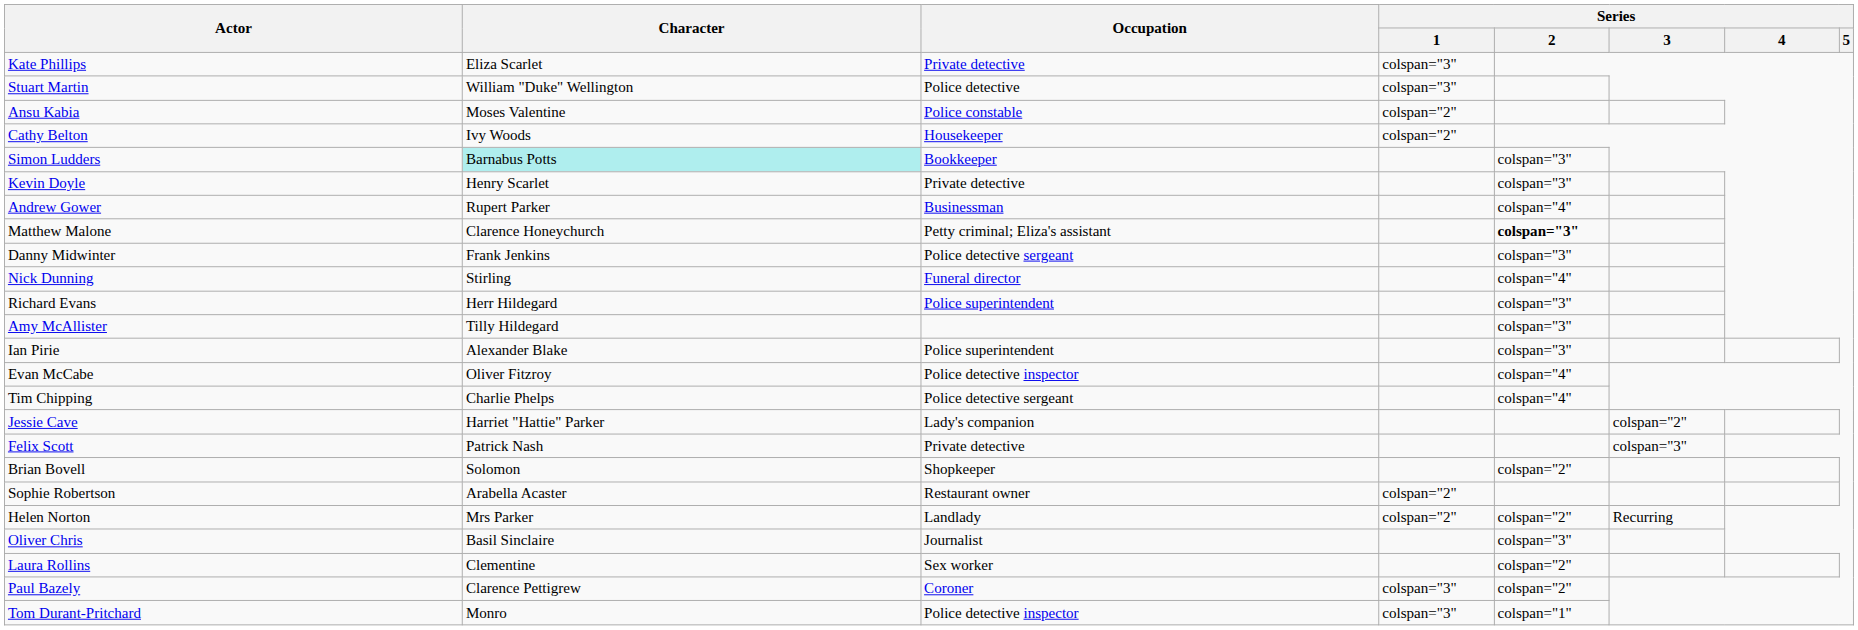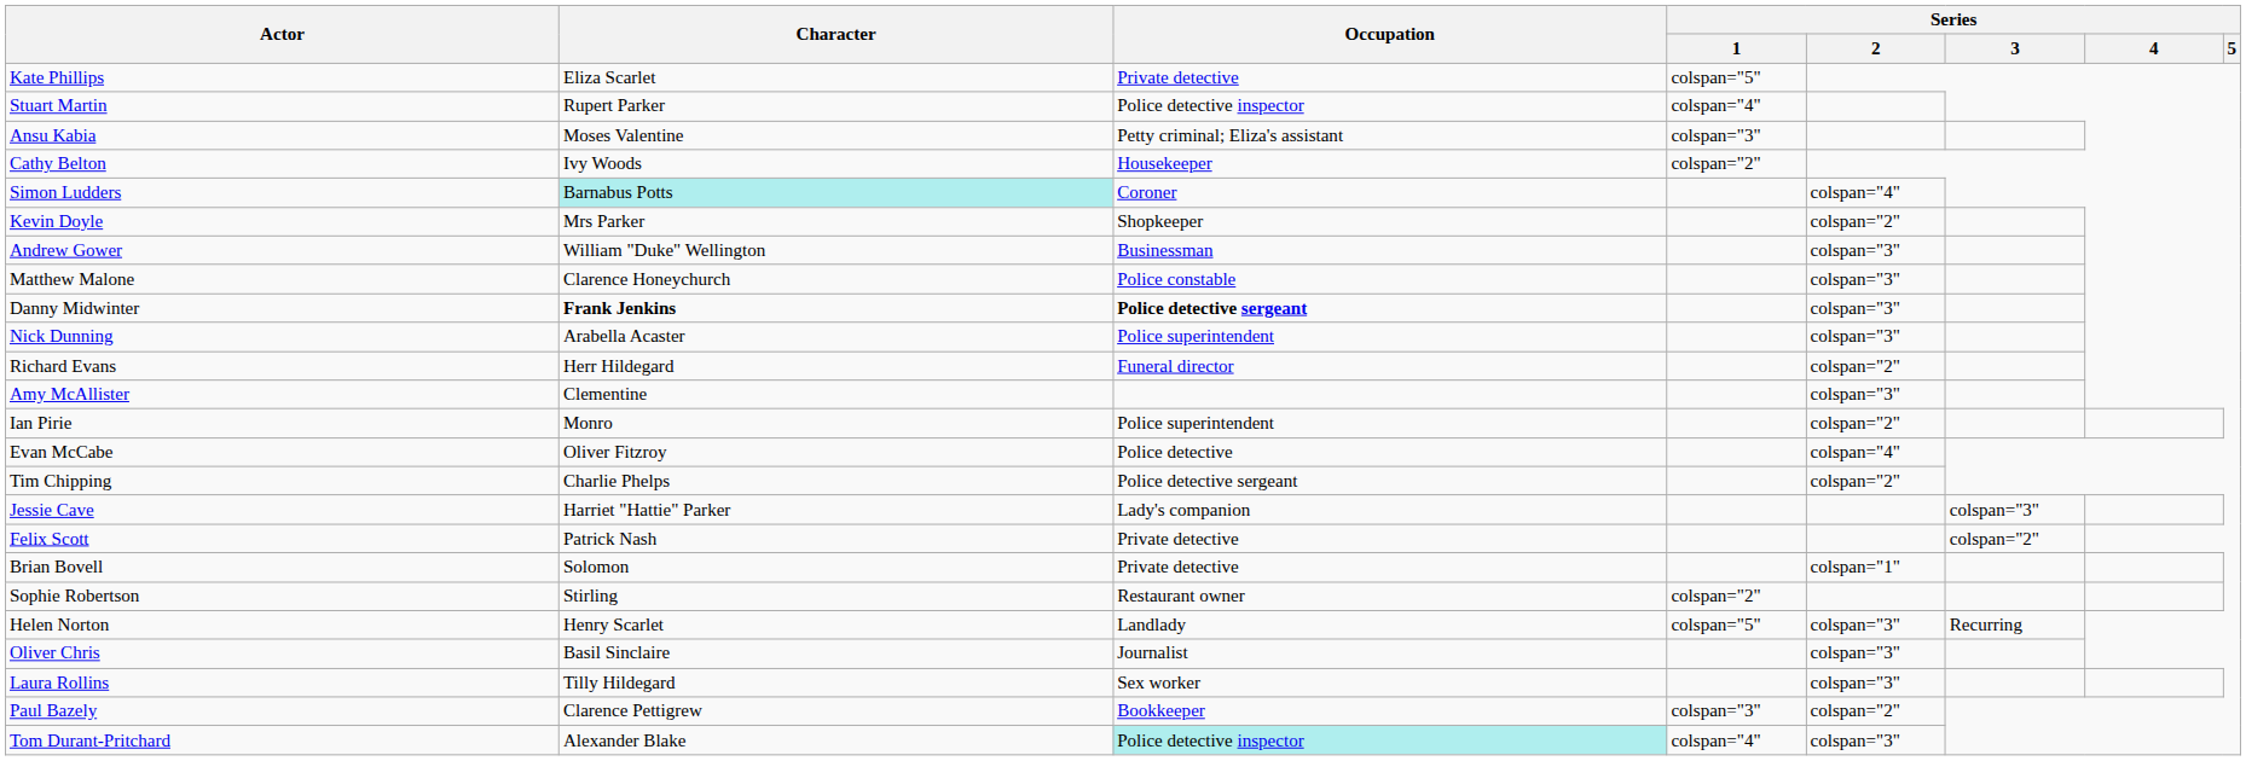 <table class="wikitable">
 <tr>
 <th style="width:25%;" rowspan="2">Actor</th>
 <th style="width:25%;" rowspan="2">Character</th>
 <th style="width:25%;" rowspan="2">Occupation</th>
 <th colspan="5" style="width:25%;">Series</th>
 </tr>
 <tr>
 <th style="width:6.25%;">1</th>
 <th style="width:6.25%;">2</th>
 <th style="width:6.25%;">3</th>
 <th style="width:6.25%;">4</th>
 <th>5</th>
 </tr>
 <tr>
 <td><a href='#'>Kate Phillips</a></td>
 <td>Eliza Scarlet</td>
 <td><a href='#'>Private detective</a></td>
-<td>colspan="3" </td>
+<td>colspan="5" </td>
 </tr>
 <tr>
 <td><a href='#'>Stuart Martin</a></td>
-<td>William "Duke" Wellington</td>
-<td>Police detective</td>
-<td>colspan="3" </td>
+<td>Rupert Parker</td>
+<td>Police detective <a href='#'>inspector</a></td>
+<td>colspan="4" </td>
 <td></td>
 </tr>
 <tr>
 <td><a href='#'>Ansu Kabia</a></td>
 <td>Moses Valentine</td>
-<td><a href='#'>Police constable</a></td>
-<td>colspan="2" </td>
+<td>Petty criminal; Eliza's assistant</td>
+<td>colspan="3" </td>
 <td></td>
 <td></td>
 </tr>
 <tr>
 <td><a href='#'>Cathy Belton</a></td>
 <td>Ivy Woods</td>
 <td><a href='#'>Housekeeper</a></td>
 <td>colspan="2" </td>
 </tr>
 <tr>
 <td><a href='#'>Simon Ludders</a></td>
 <td style="background: paleturquoise;">Barnabus Potts</td>
-<td><a href='#'>Bookkeeper</a></td>
+<td><a href='#'>Coroner</a></td>
 <td></td>
-<td>colspan="3" </td>
+<td>colspan="4" </td>
 </tr>
 <tr>
 <td><a href='#'>Kevin Doyle</a></td>
-<td>Henry Scarlet</td>
-<td>Private detective</td>
+<td>Mrs Parker</td>
+<td>Shopkeeper</td>
+<td></td>
+<td>colspan="2" </td>
+<td></td>
+</tr>
+<tr>
+<td><a href='#'>Andrew Gower</a></td>
+<td>William "Duke" Wellington</td>
+<td><a href='#'>Businessman</a></td>
 <td></td>
 <td>colspan="3" </td>
 <td></td>
 </tr>
 <tr>
-<td><a href='#'>Andrew Gower</a></td>
-<td>Rupert Parker</td>
-<td><a href='#'>Businessman</a></td>
-<td></td>
-<td>colspan="4" </td>
-<td></td>
-</tr>
-<tr>
 <td>Matthew Malone</td>
 <td>Clarence Honeychurch</td>
-<td>Petty criminal; Eliza's assistant</td>
+<td><a href='#'>Police constable</a></td>
 <td></td>
-<td><strong>colspan="3" </strong></td>
+<td>colspan="3" </td>
 <td></td>
 </tr>
 <tr>
 <td>Danny Midwinter</td>
-<td>Frank Jenkins</td>
-<td>Police detective <a href='#'>sergeant</a></td>
+<td><strong>Frank Jenkins</strong></td>
+<td><strong>Police detective <a href='#'>sergeant</a></strong></td>
 <td></td>
 <td>colspan="3" </td>
 <td></td>
 </tr>
 <tr>
 <td><a href='#'>Nick Dunning</a></td>
-<td>Stirling</td>
-<td><a href='#'>Funeral director</a></td>
-<td></td>
-<td>colspan="4" </td>
-<td></td>
-</tr>
-<tr>
-<td>Richard Evans</td>
-<td>Herr Hildegard</td>
+<td>Arabella Acaster</td>
 <td><a href='#'>Police superintendent</a></td>
 <td></td>
 <td>colspan="3" </td>
 <td></td>
 </tr>
 <tr>
+<td>Richard Evans</td>
+<td>Herr Hildegard</td>
+<td><a href='#'>Funeral director</a></td>
+<td></td>
+<td>colspan="2" </td>
+<td></td>
+</tr>
+<tr>
 <td><a href='#'>Amy McAllister</a></td>
-<td>Tilly Hildegard</td>
+<td>Clementine</td>
 <td></td>
 <td></td>
 <td>colspan="3" </td>
 <td></td>
 </tr>
 <tr>
 <td>Ian Pirie</td>
-<td>Alexander Blake</td>
+<td>Monro</td>
 <td>Police superintendent</td>
 <td></td>
-<td>colspan="3" </td>
+<td>colspan="2" </td>
 <td></td>
 <td></td>
 </tr>
 <tr>
 <td>Evan McCabe</td>
 <td>Oliver Fitzroy</td>
-<td>Police detective <a href='#'>inspector</a></td>
+<td>Police detective</td>
 <td></td>
 <td>colspan="4" </td>
 </tr>
 <tr>
 <td>Tim Chipping</td>
 <td>Charlie Phelps</td>
 <td>Police detective sergeant</td>
 <td></td>
-<td>colspan="4" </td>
+<td>colspan="2"  </td>
 </tr>
 <tr>
 <td><a href='#'>Jessie Cave</a></td>
 <td>Harriet "Hattie" Parker</td>
 <td>Lady's companion</td>
 <td></td>
 <td></td>
-<td>colspan="2" </td>
+<td>colspan="3" </td>
 <td></td>
 </tr>
 <tr>
 <td><a href='#'>Felix Scott</a></td>
 <td>Patrick Nash</td>
 <td>Private detective</td>
 <td></td>
 <td></td>
-<td>colspan="3" </td>
+<td>colspan="2" </td>
 </tr>
 <tr>
 <td>Brian Bovell</td>
 <td>Solomon</td>
-<td>Shopkeeper</td>
+<td>Private detective</td>
 <td></td>
-<td>colspan="2" </td>
+<td>colspan="1"  </td>
 <td></td>
 <td></td>
 </tr>
 <tr>
 <td>Sophie Robertson</td>
-<td>Arabella Acaster</td>
+<td>Stirling</td>
 <td>Restaurant owner</td>
 <td>colspan="2" </td>
 <td></td>
 <td></td>
 <td></td>
 </tr>
 <tr>
 <td>Helen Norton</td>
-<td>Mrs Parker</td>
+<td>Henry Scarlet</td>
 <td>Landlady</td>
-<td>colspan="2" </td>
-<td>colspan="2" </td>
+<td>colspan="5" </td>
+<td>colspan="3" </td>
 <td>Recurring</td>
 </tr>
 <tr>
 <td><a href='#'>Oliver Chris</a></td>
 <td>Basil Sinclaire</td>
 <td>Journalist</td>
 <td></td>
 <td>colspan="3" </td>
 <td></td>
 </tr>
 <tr>
 <td><a href='#'>Laura Rollins</a></td>
-<td>Clementine</td>
+<td>Tilly Hildegard</td>
 <td>Sex worker</td>
 <td></td>
-<td>colspan="2" </td>
+<td>colspan="3" </td>
 <td></td>
 <td></td>
 </tr>
 <tr>
 <td><a href='#'>Paul Bazely</a></td>
 <td>Clarence Pettigrew</td>
-<td><a href='#'>Coroner</a></td>
+<td><a href='#'>Bookkeeper</a></td>
 <td>colspan="3" </td>
 <td>colspan="2"  </td>
 </tr>
 <tr>
 <td><a href='#'>Tom Durant-Pritchard</a></td>
-<td>Monro</td>
-<td>Police detective <a href='#'>inspector</a></td>
+<td>Alexander Blake</td>
+<td style="background: paleturquoise;">Police detective <a href='#'>inspector</a></td>
+<td>colspan="4" </td>
 <td>colspan="3" </td>
-<td>colspan="1"  </td>
 </tr>
 </table>
